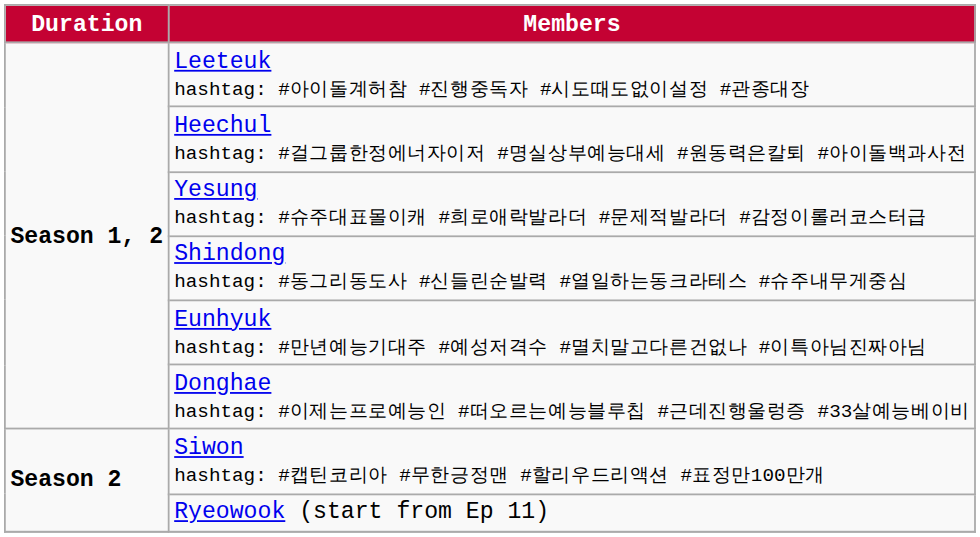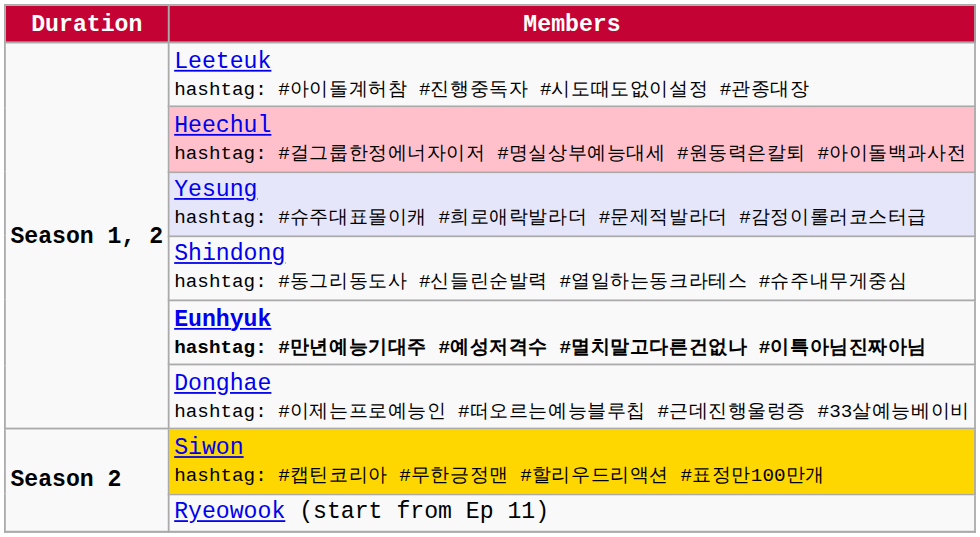 <table class="wikitable plainrowheaders">
 <tr>
 <th scope="col" style="background-color: #C40233; color: #FFFFFF;">Duration</th>
 <th scope="col" style="background-color: #C40233; color: #FFFFFF;">Members</th>
 </tr>
 <tr>
 <td rowspan=6><strong>Season 1, 2</strong></td>
 <td><a href='#'>Leeteuk</a><br><small>hashtag: #아이돌계허참 #진행중독자 #시도때도없이설정 #관종대장</small></td>
 </tr>
 <tr>
-<td><a href='#'>Heechul</a><br><small>hashtag: #걸그룹한정에너자이저 #명실상부예능대세 #원동력은칼퇴 #아이돌백과사전</small></td>
+<td style="background: pink;"><a href='#'>Heechul</a><br><small>hashtag: #걸그룹한정에너자이저 #명실상부예능대세 #원동력은칼퇴 #아이돌백과사전</small></td>
 </tr>
 <tr>
-<td><a href='#'>Yesung</a><br><small>hashtag: #슈주대표몰이캐 #희로애락발라더 #문제적발라더 #감정이롤러코스터급</small></td>
+<td style="background: lavender;"><a href='#'>Yesung</a><br><small>hashtag: #슈주대표몰이캐 #희로애락발라더 #문제적발라더 #감정이롤러코스터급</small></td>
 </tr>
 <tr>
 <td><a href='#'>Shindong</a><br><small>hashtag: #동그리동도사 #신들린순발력 #열일하는동크라테스 #슈주내무게중심</small></td>
 </tr>
 <tr>
-<td><a href='#'>Eunhyuk</a><br><small>hashtag: #만년예능기대주 #예성저격수 #멸치말고다른건없나 #이특아님진짜아님</small></td>
+<td><strong><a href='#'>Eunhyuk</a><br><small>hashtag: #만년예능기대주 #예성저격수 #멸치말고다른건없나 #이특아님진짜아님</small></strong></td>
 </tr>
 <tr>
 <td><a href='#'>Donghae</a><br><small>hashtag: #이제는프로예능인 #떠오르는예능블루칩 #근데진행울렁증 #33살예능베이비</small></td>
 </tr>
 <tr>
 <td rowspan=2><strong>Season 2</strong></td>
-<td><a href='#'>Siwon</a><br><small>hashtag: #캡틴코리아 #무한긍정맨 #할리우드리액션 #표정만100만개</small></td>
+<td style="background: gold;"><a href='#'>Siwon</a><br><small>hashtag: #캡틴코리아 #무한긍정맨 #할리우드리액션 #표정만100만개</small></td>
 </tr>
 <tr>
 <td><a href='#'>Ryeowook</a> (start from Ep 11)</td>
 </tr>
 <tr>
 </tr>
 </table>
